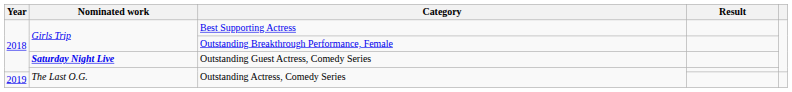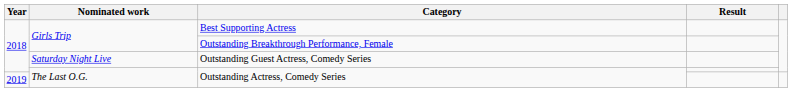 <table style="width:100%;" class="wikitable sortable">
 <tr>
 <th style="width:1%;" scope="col">Year</th>
 <th style="width:20%;" scope="col">Nominated work</th>
 <th style="width:58%;" scope="col">Category</th>
 <th style="width:11%;" scope="col">Result</th>
 <th style="width:1%;" scope="col"></th>
 </tr>
 <tr>
 <td rowspan="4"><a href='#'>2018</a></td>
 <td rowspan="2"><em><a href='#'>Girls Trip</a></em></td>
 <td><a href='#'>Best Supporting Actress</a></td>
 <td></td>
 <td style="text-align:center;" rowspan="4"></td>
 </tr>
 <tr>
 <td><a href='#'>Outstanding Breakthrough Performance, Female</a></td>
 <td></td>
 </tr>
 <tr>
-<td><strong><em><a href='#'>Saturday Night Live</a></em></strong></td>
+<td><em><a href='#'>Saturday Night Live</a></em></td>
 <td>Outstanding Guest Actress, Comedy Series</td>
 <td></td>
 </tr>
 <tr>
 <td rowspan="2"><em>The Last O.G.</em></td>
 <td rowspan="2">Outstanding Actress, Comedy Series</td>
 <td></td>
 </tr>
 <tr>
 <td rowspan="1"><a href='#'>2019</a></td>
 <td></td>
 <td style="text-align:center;" rowspan="1"></td>
 </tr>
 </table>
